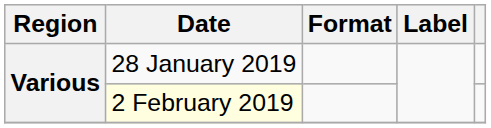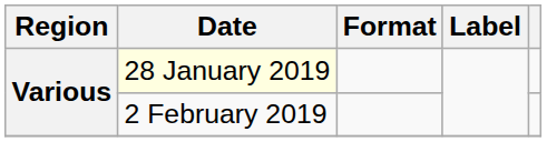 <table class="wikitable plainrowheaders">
 <tr>
 <th scope="col">Region</th>
 <th scope="col">Date</th>
 <th scope="col">Format</th>
 <th scope="col">Label</th>
 <th scope="col"></th>
 </tr>
 <tr>
 <th scope="row" rowspan="2">Various</th>
-<td rowspan="1">28 January 2019</td>
+<td rowspan="1" style="background: lightyellow;">28 January 2019</td>
 <td></td>
 <td rowspan="2"></td>
 <td align="center"></td>
 </tr>
 <tr>
-<td rowspan="1" style="background: lightyellow;">2 February 2019</td>
+<td rowspan="1">2 February 2019</td>
 <td></td>
 <td align="center"></td>
 </tr>
 <tr>
 </tr>
 </table>
